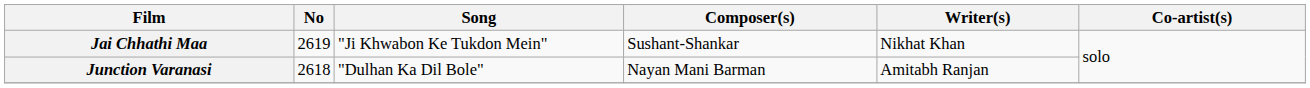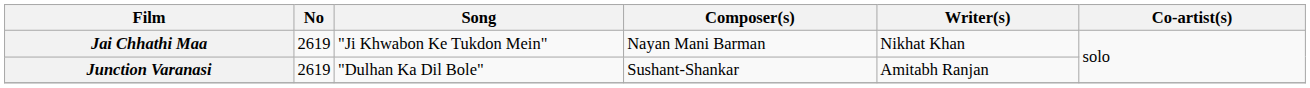 <table class="wikitable plainrowheaders" width="100%" textcolor:#000;">
 <tr style="background:#b0e0e66;">
 <th scope="col" width=23%><strong>Film</strong></th>
 <th><strong>No</strong></th>
 <th scope="col" width=23%><strong>Song</strong></th>
 <th scope="col" width=20%><strong>Composer(s)</strong></th>
 <th scope="col" width=16%><strong>Writer(s)</strong></th>
 <th scope="col" width=18%><strong>Co-artist(s)</strong></th>
 </tr>
 <tr>
 <th><em>Jai Chhathi Maa</em></th>
 <td>2619</td>
 <td>"Ji Khwabon Ke Tukdon Mein"</td>
-<td>Sushant-Shankar</td>
+<td>Nayan Mani Barman</td>
 <td>Nikhat Khan</td>
 <td rowspan=2>solo</td>
 </tr>
 <tr>
 <th><em>Junction Varanasi</em></th>
-<td>2618</td>
+<td>2619</td>
 <td>"Dulhan Ka Dil Bole"</td>
-<td>Nayan Mani Barman</td>
+<td>Sushant-Shankar</td>
 <td>Amitabh Ranjan</td>
 </tr>
 <tr>
 </tr>
 </table>
